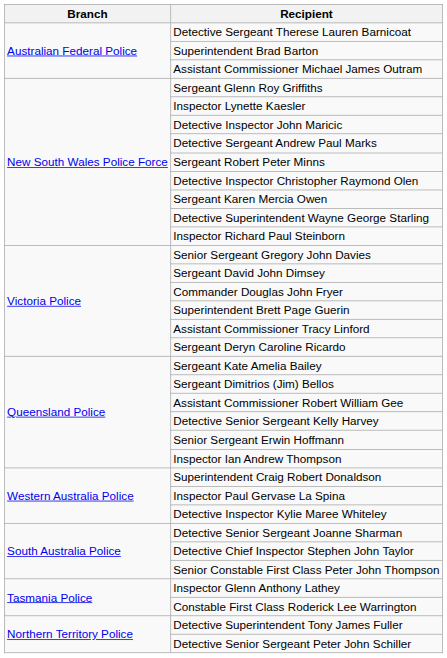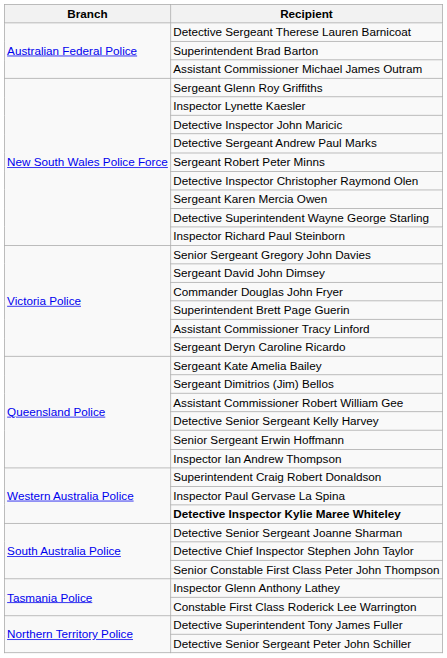 <table class="wikitable" style="font-size:95%;">
 <tr>
 <th>Branch</th>
 <th>Recipient</th>
 </tr>
 <tr>
 <td rowspan="3"><a href='#'>Australian Federal Police</a></td>
 <td>Detective Sergeant Therese Lauren Barnicoat</td>
 </tr>
 <tr>
 <td>Superintendent Brad Barton</td>
 </tr>
 <tr>
 <td>Assistant Commissioner Michael James Outram</td>
 </tr>
 <tr>
 <td rowspan="9"><a href='#'>New South Wales Police Force</a></td>
 <td>Sergeant Glenn Roy Griffiths</td>
 </tr>
 <tr>
 <td>Inspector Lynette Kaesler</td>
 </tr>
 <tr>
 <td>Detective Inspector John Maricic</td>
 </tr>
 <tr>
 <td>Detective Sergeant Andrew Paul Marks</td>
 </tr>
 <tr>
 <td>Sergeant Robert Peter Minns</td>
 </tr>
 <tr>
 <td>Detective Inspector Christopher Raymond Olen</td>
 </tr>
 <tr>
 <td>Sergeant Karen Mercia Owen</td>
 </tr>
 <tr>
 <td>Detective Superintendent Wayne George Starling</td>
 </tr>
 <tr>
 <td>Inspector Richard Paul Steinborn</td>
 </tr>
 <tr>
 <td rowspan="6"><a href='#'>Victoria Police</a></td>
 <td>Senior Sergeant Gregory John Davies</td>
 </tr>
 <tr>
 <td>Sergeant David John Dimsey</td>
 </tr>
 <tr>
 <td>Commander Douglas John Fryer</td>
 </tr>
 <tr>
 <td>Superintendent Brett Page Guerin</td>
 </tr>
 <tr>
 <td>Assistant Commissioner Tracy Linford</td>
 </tr>
 <tr>
 <td>Sergeant Deryn Caroline Ricardo</td>
 </tr>
 <tr>
 <td rowspan="6"><a href='#'>Queensland Police</a></td>
 <td>Sergeant Kate Amelia Bailey</td>
 </tr>
 <tr>
 <td>Sergeant Dimitrios (Jim) Bellos</td>
 </tr>
 <tr>
 <td>Assistant Commissioner Robert William Gee</td>
 </tr>
 <tr>
 <td>Detective Senior Sergeant Kelly Harvey</td>
 </tr>
 <tr>
 <td>Senior Sergeant Erwin Hoffmann</td>
 </tr>
 <tr>
 <td>Inspector Ian Andrew Thompson</td>
 </tr>
 <tr>
 <td rowspan="3"><a href='#'>Western Australia Police</a></td>
 <td>Superintendent Craig Robert Donaldson</td>
 </tr>
 <tr>
 <td>Inspector Paul Gervase La Spina</td>
 </tr>
 <tr>
-<td>Detective Inspector Kylie Maree Whiteley</td>
+<td><strong>Detective Inspector Kylie Maree Whiteley</strong></td>
 </tr>
 <tr>
 <td rowspan="3"><a href='#'>South Australia Police</a></td>
 <td>Detective Senior Sergeant Joanne Sharman</td>
 </tr>
 <tr>
 <td>Detective Chief Inspector Stephen John Taylor</td>
 </tr>
 <tr>
 <td>Senior Constable First Class Peter John Thompson</td>
 </tr>
 <tr>
 <td rowspan="2"><a href='#'>Tasmania Police</a></td>
 <td>Inspector Glenn Anthony Lathey</td>
 </tr>
 <tr>
 <td>Constable First Class Roderick Lee Warrington</td>
 </tr>
 <tr>
 <td rowspan="2"><a href='#'>Northern Territory Police</a></td>
 <td>Detective Superintendent Tony James Fuller</td>
 </tr>
 <tr>
 <td>Detective Senior Sergeant Peter John Schiller</td>
 </tr>
 </table>
